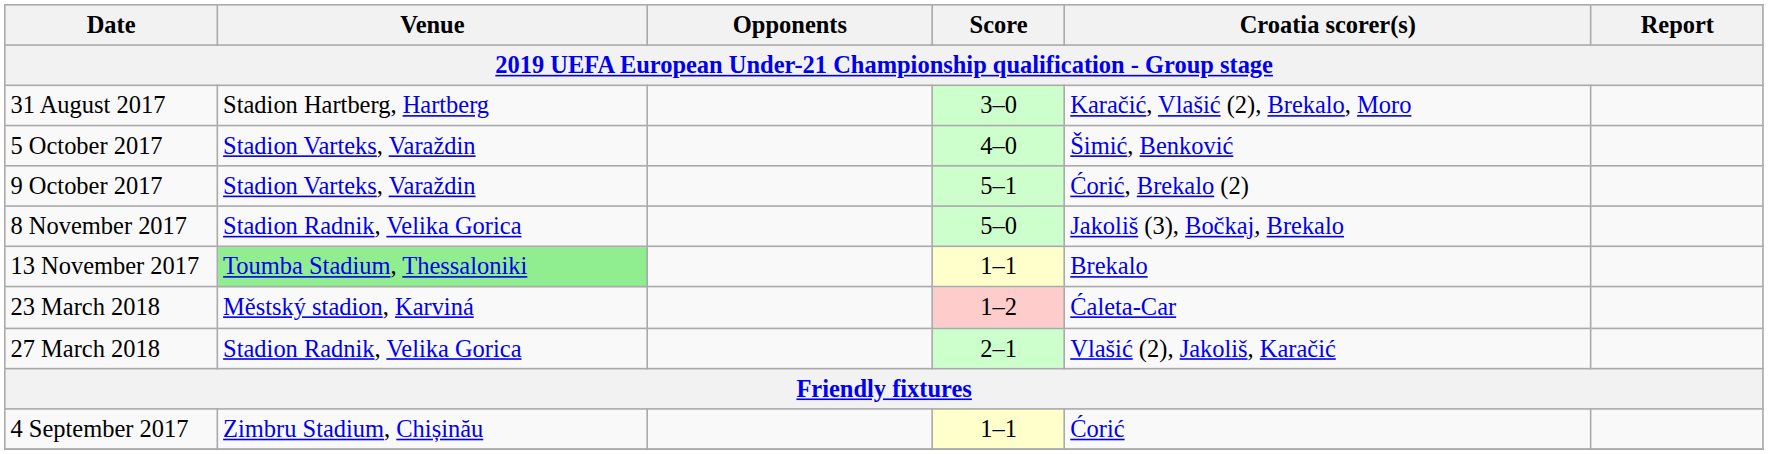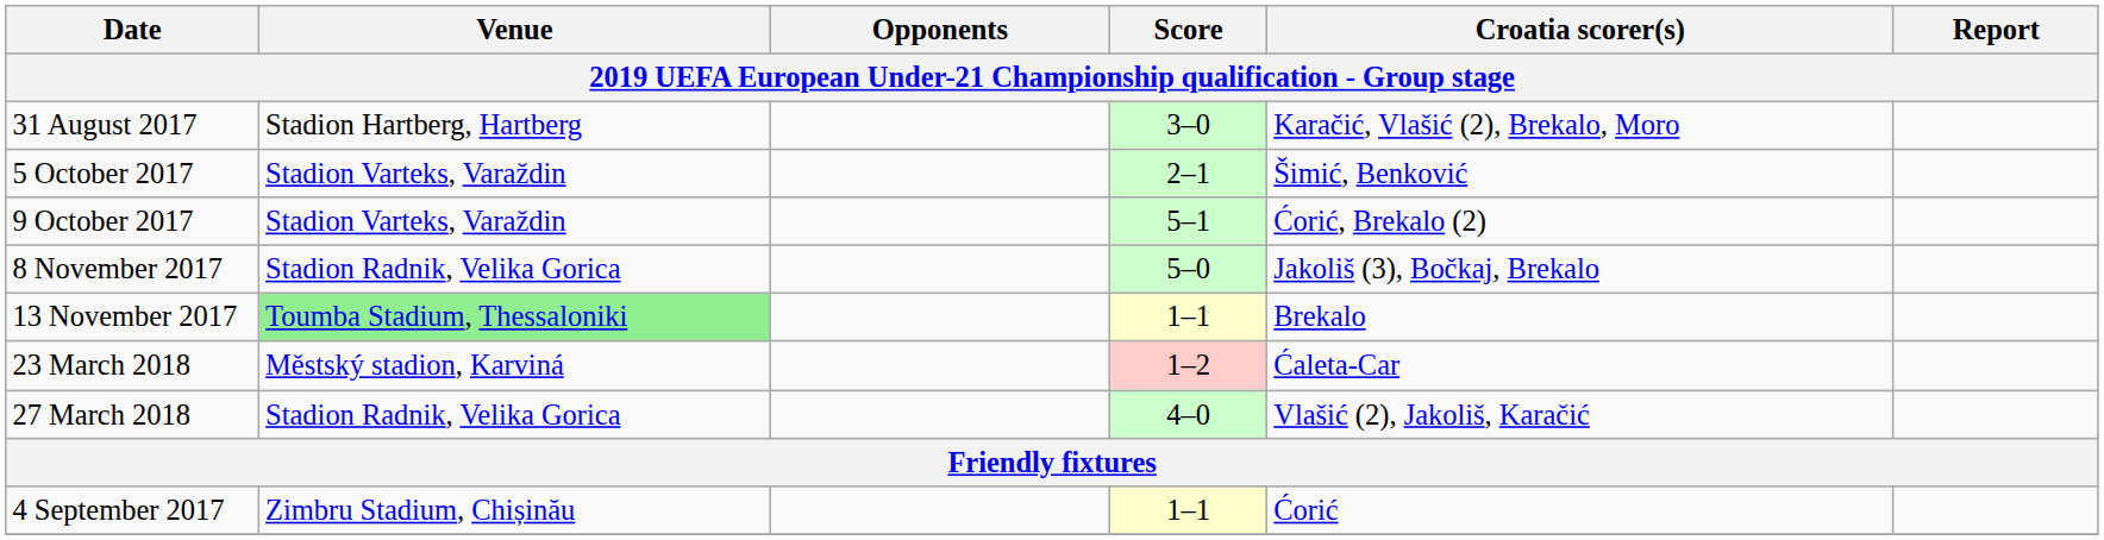 <table class="wikitable" style="font-size:95%;">
 <tr>
 <th width=125>Date</th>
 <th width=260>Venue</th>
 <th width=170>Opponents</th>
 <th width= 75>Score</th>
 <th width=320>Croatia scorer(s)</th>
 <th width=100>Report</th>
 </tr>
 <tr>
 <th colspan=7><a href='#'>2019 UEFA European Under-21 Championship qualification - Group stage</a></th>
 </tr>
 <tr>
 <td>31 August 2017</td>
 <td>Stadion Hartberg, <a href='#'>Hartberg</a></td>
 <td></td>
 <td align=center bgcolor=#CCFFCC>3–0</td>
 <td><a href='#'>Karačić</a>, <a href='#'>Vlašić</a> (2), <a href='#'>Brekalo</a>, <a href='#'>Moro</a></td>
 <td></td>
 </tr>
 <tr>
 <td>5 October 2017</td>
 <td><a href='#'>Stadion Varteks</a>, <a href='#'>Varaždin</a></td>
 <td></td>
-<td align=center bgcolor=#CCFFCC>4–0</td>
+<td align=center bgcolor=#CCFFCC>2–1</td>
 <td><a href='#'>Šimić</a>, <a href='#'>Benković</a></td>
 <td></td>
 </tr>
 <tr>
 <td>9 October 2017</td>
 <td><a href='#'>Stadion Varteks</a>, <a href='#'>Varaždin</a></td>
 <td></td>
 <td align=center bgcolor=#CCFFCC>5–1</td>
 <td><a href='#'>Ćorić</a>, <a href='#'>Brekalo</a> (2)</td>
 <td></td>
 </tr>
 <tr>
 <td>8 November 2017</td>
 <td><a href='#'>Stadion Radnik</a>, <a href='#'>Velika Gorica</a></td>
 <td></td>
 <td align=center bgcolor=#CCFFCC>5–0</td>
 <td><a href='#'>Jakoliš</a> (3), <a href='#'>Bočkaj</a>, <a href='#'>Brekalo</a></td>
 <td></td>
 </tr>
 <tr>
 <td>13 November 2017</td>
 <td style="background: lightgreen;"><a href='#'>Toumba Stadium</a>, <a href='#'>Thessaloniki</a></td>
 <td></td>
 <td align=center bgcolor=#FFFFCC>1–1</td>
 <td><a href='#'>Brekalo</a></td>
 <td></td>
 </tr>
 <tr>
 <td>23 March 2018</td>
 <td><a href='#'>Městský stadion</a>, <a href='#'>Karviná</a></td>
 <td></td>
 <td align=center bgcolor=#FFCCCC>1–2</td>
 <td><a href='#'>Ćaleta-Car</a></td>
 <td></td>
 </tr>
 <tr>
 <td>27 March 2018</td>
 <td><a href='#'>Stadion Radnik</a>, <a href='#'>Velika Gorica</a></td>
 <td></td>
-<td align=center bgcolor=#CCFFCC>2–1</td>
+<td align=center bgcolor=#CCFFCC>4–0</td>
 <td><a href='#'>Vlašić</a> (2), <a href='#'>Jakoliš</a>, <a href='#'>Karačić</a></td>
 <td></td>
 </tr>
 <tr>
 <th colspan=7><a href='#'>Friendly fixtures</a></th>
 </tr>
 <tr>
 <td>4 September 2017</td>
 <td><a href='#'>Zimbru Stadium</a>, <a href='#'>Chișinău</a></td>
 <td></td>
 <td align=center bgcolor=#FFFFCC>1–1</td>
 <td><a href='#'>Ćorić</a></td>
 <td></td>
 </tr>
 <tr>
 </tr>
 </table>
